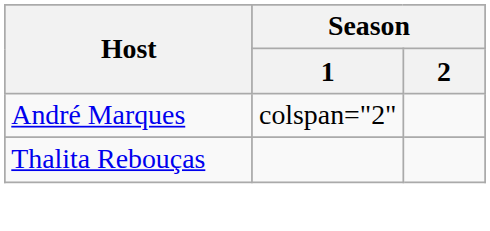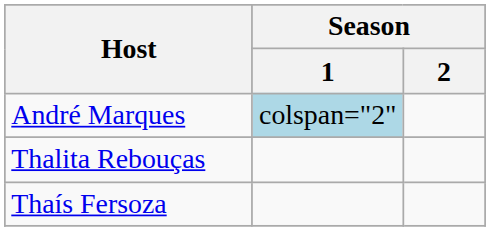 <table class="wikitable" width:"80%">
 <tr>
 <th rowspan="2" width="135">Host</th>
 <th colspan="2">Season</th>
 </tr>
 <tr>
 <th width="40">1</th>
 <th Width="40">2</th>
 </tr>
 <tr>
 <td><a href='#'>André Marques</a></td>
-<td>colspan="2" </td>
+<td style="background: lightblue;">colspan="2" </td>
 </tr>
 <tr>
 <td><a href='#'>Thalita Rebouças</a></td>
 <td></td>
 <td></td>
 </tr>
+<tr>
+<td><a href='#'>Thaís Fersoza</a></td>
+<td></td>
+<td></td>
+</tr>
 </table>
